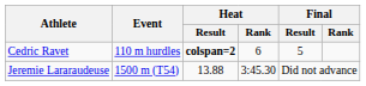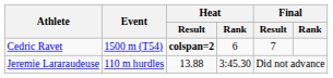 <table class="wikitable" style="font-size:90%; text-align:center">
 <tr>
 <th rowspan=2>Athlete</th>
 <th rowspan=2>Event</th>
 <th colspan=2>Heat</th>
 <th colspan=2>Final</th>
 </tr>
 <tr style="font-size:95%">
 <th>Result</th>
 <th>Rank</th>
 <th>Result</th>
 <th>Rank</th>
 </tr>
 <tr>
 <td align=left><a href='#'>Cedric Ravet</a></td>
-<td align=left rowspan=1><a href='#'>110 m hurdles</a></td>
+<td align=left rowspan=1><a href='#'>1500 m (T54)</a></td>
 <td><strong>colspan=2 </strong></td>
 <td>6</td>
-<td>5</td>
+<td>7</td>
 </tr>
 <tr>
 <td align=left><a href='#'>Jeremie Lararaudeuse</a></td>
-<td align=left rowspan=1><a href='#'>1500 m (T54)</a></td>
+<td align=left rowspan=1><a href='#'>110 m hurdles</a></td>
 <td>13.88</td>
 <td>3:45.30</td>
 <td colspan=2>Did not advance</td>
 </tr>
 </table>
